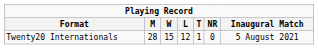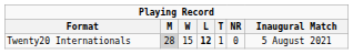 <table class="wikitable" style="text-align: center; width: 500px;">
 <tr>
 <td colspan=7 align="center"><strong>Playing Record</strong></td>
 </tr>
 <tr>
 <th>Format</th>
 <th>M</th>
 <th>W</th>
 <th>L</th>
 <th>T</th>
 <th>NR</th>
 <th>Inaugural Match</th>
 </tr>
 <tr>
 <td align="left">Twenty20 Internationals</td>
-<td>28</td>
+<td style="background: lightgrey;">28</td>
 <td>15</td>
-<td>12</td>
+<td><strong>12</strong></td>
 <td>1</td>
 <td>0</td>
 <td>5 August 2021</td>
 </tr>
 </table>
